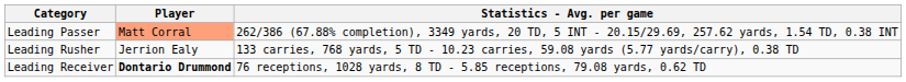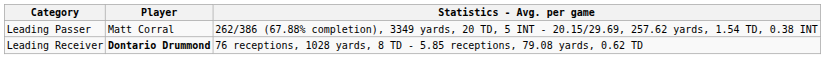 <table class="wikitable" style="float: left;">
 <tr>
 <th>Category</th>
 <th>Player</th>
 <th>Statistics - Avg. per game</th>
 </tr>
 <tr>
 <td>Leading Passer</td>
-<td style="background: lightsalmon;">Matt Corral</td>
+<td>Matt Corral</td>
 <td>262/386 (67.88% completion), 3349 yards, 20 TD, 5 INT - 20.15/29.69, 257.62 yards, 1.54 TD, 0.38 INT</td>
-</tr>
-<tr>
-<td>Leading Rusher</td>
-<td>Jerrion Ealy</td>
-<td>133 carries, 768 yards, 5 TD - 10.23 carries, 59.08 yards (5.77 yards/carry), 0.38 TD</td>
 </tr>
 <tr>
 <td>Leading Receiver</td>
 <td><strong>Dontario Drummond</strong></td>
 <td>76 receptions, 1028 yards, 8 TD - 5.85 receptions, 79.08 yards, 0.62 TD</td>
 </tr>
 </table>
